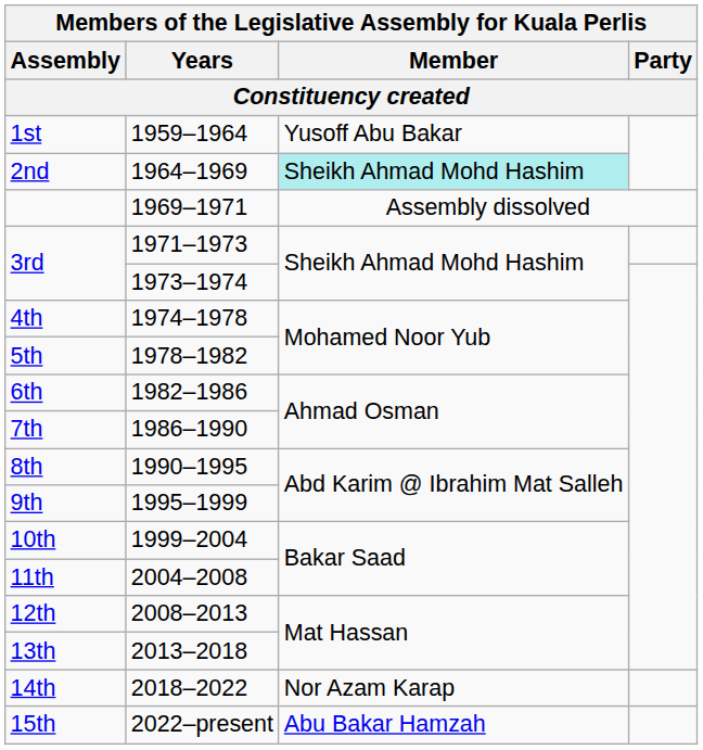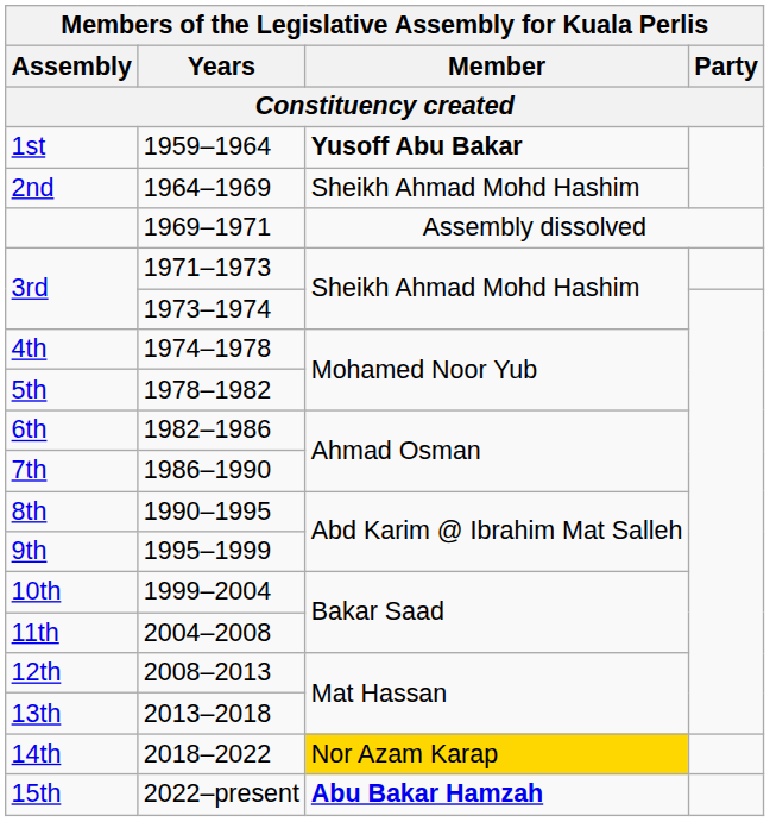 <table class=wikitable>
 <tr>
 <th colspan=4>Members of the Legislative Assembly for Kuala Perlis</th>
 </tr>
 <tr>
 <th>Assembly</th>
 <th>Years</th>
 <th>Member</th>
 <th>Party</th>
 </tr>
 <tr>
 <th colspan=4 align=center><em>Constituency created</em></th>
 </tr>
 <tr>
 <td><a href='#'>1st</a></td>
 <td>1959–1964</td>
-<td>Yusoff Abu Bakar</td>
+<td><strong>Yusoff Abu Bakar</strong></td>
 <td rowspan=2></td>
 </tr>
 <tr>
 <td><a href='#'>2nd</a></td>
 <td>1964–1969</td>
-<td style="background: paleturquoise;">Sheikh Ahmad Mohd Hashim</td>
+<td>Sheikh Ahmad Mohd Hashim</td>
 </tr>
 <tr>
 <td></td>
 <td>1969–1971</td>
 <td colspan=2 align=center>Assembly dissolved</td>
 </tr>
 <tr>
 <td rowspan=2><a href='#'>3rd</a></td>
 <td>1971–1973</td>
 <td rowspan=2>Sheikh Ahmad Mohd Hashim</td>
 <td></td>
 </tr>
 <tr>
 <td>1973–1974</td>
 <td rowspan=11></td>
 </tr>
 <tr>
 <td><a href='#'>4th</a></td>
 <td>1974–1978</td>
 <td rowspan=2>Mohamed Noor Yub</td>
 </tr>
 <tr>
 <td><a href='#'>5th</a></td>
 <td>1978–1982</td>
 </tr>
 <tr>
 <td><a href='#'>6th</a></td>
 <td>1982–1986</td>
 <td rowspan=2>Ahmad Osman</td>
 </tr>
 <tr>
 <td><a href='#'>7th</a></td>
 <td>1986–1990</td>
 </tr>
 <tr>
 <td><a href='#'>8th</a></td>
 <td>1990–1995</td>
 <td rowspan=2>Abd Karim @ Ibrahim Mat Salleh</td>
 </tr>
 <tr>
 <td><a href='#'>9th</a></td>
 <td>1995–1999</td>
 </tr>
 <tr>
 <td><a href='#'>10th</a></td>
 <td>1999–2004</td>
 <td rowspan=2>Bakar Saad</td>
 </tr>
 <tr>
 <td><a href='#'>11th</a></td>
 <td>2004–2008</td>
 </tr>
 <tr>
 <td><a href='#'>12th</a></td>
 <td>2008–2013</td>
 <td rowspan=2>Mat Hassan</td>
 </tr>
 <tr>
 <td><a href='#'>13th</a></td>
 <td>2013–2018</td>
 </tr>
 <tr>
 <td><a href='#'>14th</a></td>
 <td>2018–2022</td>
-<td>Nor Azam Karap</td>
+<td style="background: gold;">Nor Azam Karap</td>
 <td></td>
 </tr>
 <tr>
 <td><a href='#'>15th</a></td>
 <td>2022–present</td>
-<td><a href='#'>Abu Bakar Hamzah</a></td>
+<td><strong><a href='#'>Abu Bakar Hamzah</a></strong></td>
 <td></td>
 </tr>
 </table>
